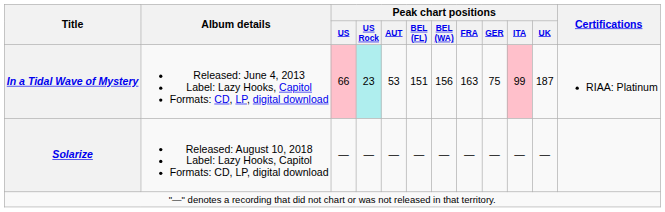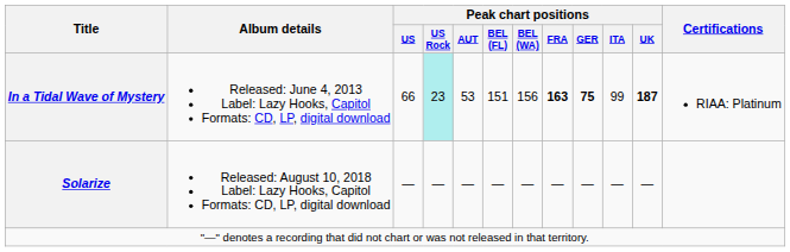 <table class="wikitable plainrowheaders" style="text-align:center;">
 <tr>
 <th scope="col" rowspan="2">Title</th>
 <th scope="col" rowspan="2">Album details</th>
 <th scope="col" colspan="9">Peak chart positions</th>
 <th scope="col" rowspan="2"><a href='#'>Certifications</a></th>
 </tr>
 <tr>
 <th scope="col" style="width:2.5em;font-size:80%;"><a href='#'>US</a><br></th>
 <th scope="col" style="width:2.5em;font-size:80%;"><a href='#'>US<br>Rock</a><br></th>
 <th scope="col" style="width:2.5em;font-size:80%;"><a href='#'>AUT</a><br></th>
 <th scope="col" style="width:2.5em;font-size:80%;"><a href='#'>BEL<br>(FL)</a><br></th>
 <th scope="col" style="width:2.5em;font-size:80%;"><a href='#'>BEL<br>(WA)</a><br></th>
 <th scope="col" style="width:2.5em;font-size:80%;"><a href='#'>FRA</a><br></th>
 <th scope="col" style="width:2.5em;font-size:80%;"><a href='#'>GER</a><br></th>
 <th scope="col" style="width:2.5em;font-size:80%;"><a href='#'>ITA</a><br></th>
 <th scope="col" style="width:2.5em;font-size:80%;"><a href='#'>UK</a><br></th>
 </tr>
 <tr>
 <th scope="row"><em><a href='#'>In a Tidal Wave of Mystery</a></em></th>
 <td><br><ul><li>Released: June 4, 2013</li><li>Label: Lazy Hooks, <a href='#'>Capitol</a></li><li>Formats: <a href='#'>CD</a>, <a href='#'>LP</a>, <a href='#'>digital download</a></li></ul></td>
-<td style="background: pink;">66</td>
+<td>66</td>
 <td style="background: paleturquoise;">23</td>
 <td>53</td>
 <td>151</td>
 <td>156</td>
-<td>163</td>
-<td>75</td>
-<td style="background: pink;">99</td>
-<td>187</td>
+<td><strong>163</strong></td>
+<td><strong>75</strong></td>
+<td>99</td>
+<td><strong>187</strong></td>
 <td><br><ul><li>RIAA: Platinum</li></ul></td>
 </tr>
 <tr>
 <th scope="row"><em><a href='#'>Solarize</a></em></th>
 <td><br><ul><li>Released: August 10, 2018</li><li>Label: Lazy Hooks, Capitol</li><li>Formats: CD, LP, digital download</li></ul></td>
 <td>—</td>
 <td>—</td>
 <td>—</td>
 <td>—</td>
 <td>—</td>
 <td>—</td>
 <td>—</td>
 <td>—</td>
 <td>—</td>
 <td></td>
 </tr>
 <tr>
 <td colspan="14" style="font-size:90%">"—" denotes a recording that did not chart or was not released in that territory.</td>
 </tr>
 </table>
